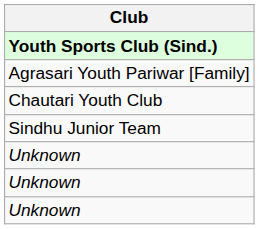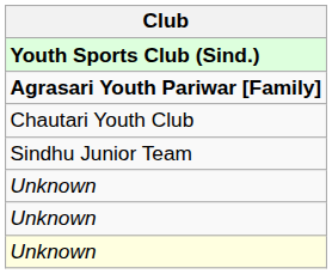 <table class="wikitable" border="1">
 <tr>
 <th>Club</th>
 </tr>
 <tr bgcolor=#dfd>
 <td><strong>Youth Sports Club (Sind.)</strong></td>
 </tr>
 <tr>
-<td>Agrasari Youth Pariwar [Family]</td>
+<td><strong>Agrasari Youth Pariwar [Family]</strong></td>
 </tr>
 <tr>
 <td>Chautari Youth Club</td>
 </tr>
 <tr>
 <td>Sindhu Junior Team</td>
 </tr>
 <tr>
 <td><em>Unknown</em></td>
 </tr>
 <tr>
 <td><em>Unknown</em></td>
 </tr>
 <tr>
-<td><em>Unknown</em></td>
+<td style="background: lightyellow;"><em>Unknown</em></td>
 </tr>
 </table>
